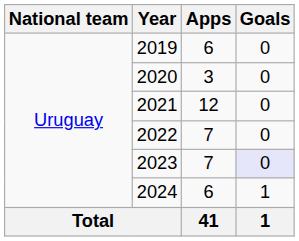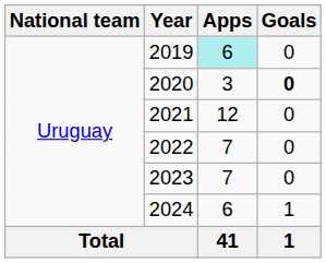 <table class="wikitable" style="text-align:center">
 <tr>
 <th>National team</th>
 <th>Year</th>
 <th>Apps</th>
 <th>Goals</th>
 </tr>
 <tr>
 <td rowspan="6"><a href='#'>Uruguay</a></td>
 <td>2019</td>
-<td>6</td>
+<td style="background: paleturquoise;">6</td>
 <td>0</td>
 </tr>
 <tr>
 <td>2020</td>
 <td>3</td>
-<td>0</td>
+<td><strong>0</strong></td>
 </tr>
 <tr>
 <td>2021</td>
 <td>12</td>
 <td>0</td>
 </tr>
 <tr>
 <td>2022</td>
 <td>7</td>
 <td>0</td>
 </tr>
 <tr>
 <td>2023</td>
 <td>7</td>
-<td style="background: lavender;">0</td>
+<td>0</td>
 </tr>
 <tr>
 <td>2024</td>
 <td>6</td>
 <td>1</td>
 </tr>
 <tr>
 <th colspan="2">Total</th>
 <th>41</th>
 <th>1</th>
 </tr>
 </table>
